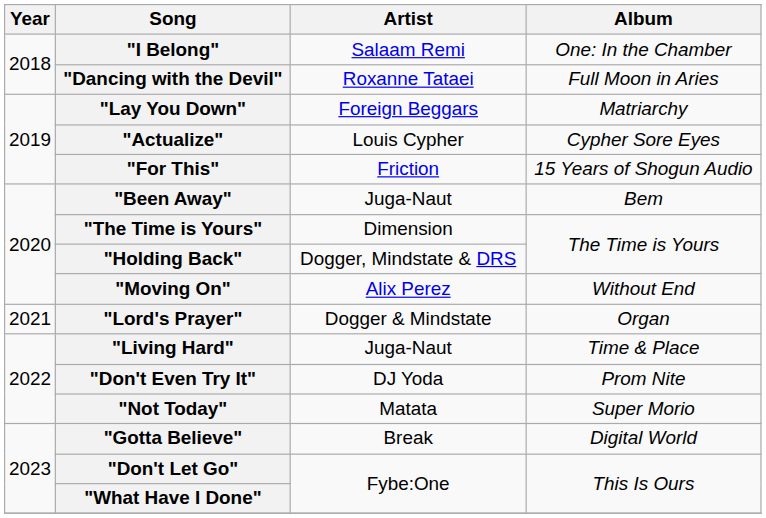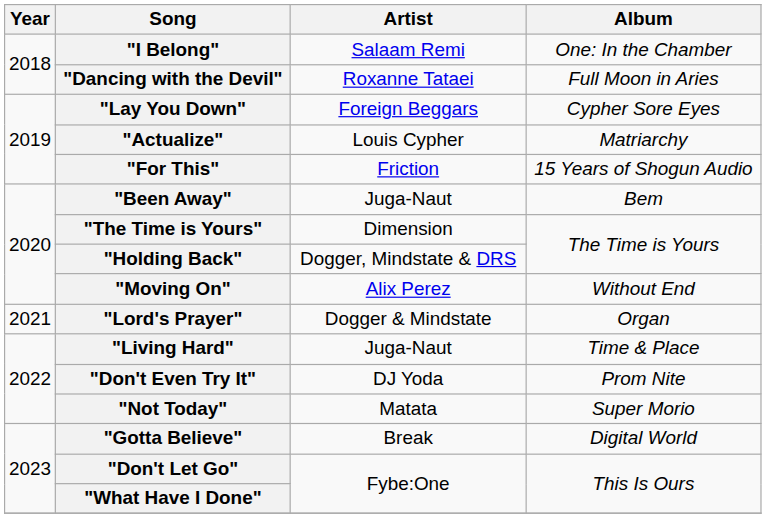 <table class="wikitable plainrowheaders" style="text-align:center;">
 <tr>
 <th scope="col">Year</th>
 <th scope="col" style="width:12em;">Song</th>
 <th scope="col" style="width:12em;">Artist</th>
 <th scope="col" style="width:12em;">Album</th>
 </tr>
 <tr>
 <td rowspan="2">2018</td>
 <th scope="row">"I Belong"</th>
 <td><a href='#'>Salaam Remi</a></td>
 <td><em>One: In the Chamber</em></td>
 </tr>
 <tr>
 <th scope="row">"Dancing with the Devil"</th>
 <td><a href='#'>Roxanne Tataei</a></td>
 <td><em>Full Moon in Aries</em></td>
 </tr>
 <tr>
 <td rowspan="3">2019</td>
 <th scope="row">"Lay You Down"</th>
 <td><a href='#'>Foreign Beggars</a></td>
-<td><em>Matriarchy</em></td>
+<td><em>Cypher Sore Eyes</em></td>
 </tr>
 <tr>
 <th scope="row">"Actualize"</th>
 <td>Louis Cypher</td>
-<td><em>Cypher Sore Eyes</em></td>
+<td><em>Matriarchy</em></td>
 </tr>
 <tr>
 <th scope="row">"For This"</th>
 <td><a href='#'>Friction</a></td>
 <td><em>15 Years of Shogun Audio</em></td>
 </tr>
 <tr>
 <td rowspan="4">2020</td>
 <th scope="row">"Been Away"</th>
 <td>Juga-Naut</td>
 <td><em>Bem</em></td>
 </tr>
 <tr>
 <th scope="row">"The Time is Yours"</th>
 <td>Dimension</td>
 <td rowspan="2"><em>The Time is Yours</em></td>
 </tr>
 <tr>
 <th scope="row">"Holding Back"</th>
 <td>Dogger, Mindstate & <a href='#'>DRS</a></td>
 </tr>
 <tr>
 <th scope="row">"Moving On"</th>
 <td><a href='#'>Alix Perez</a></td>
 <td><em>Without End</em></td>
 </tr>
 <tr>
 <td>2021</td>
 <th scope="row">"Lord's Prayer"</th>
 <td>Dogger & Mindstate</td>
 <td><em>Organ</em></td>
 </tr>
 <tr>
 <td rowspan="3">2022</td>
 <th scope="row">"Living Hard"</th>
 <td>Juga-Naut</td>
 <td><em>Time & Place</em></td>
 </tr>
 <tr>
 <th scope="row">"Don't Even Try It"</th>
 <td>DJ Yoda</td>
 <td><em>Prom Nite</em></td>
 </tr>
 <tr>
 <th scope="row">"Not Today"</th>
 <td>Matata</td>
 <td><em>Super Morio</em></td>
 </tr>
 <tr>
 <td rowspan="3">2023</td>
 <th scope="row">"Gotta Believe"</th>
 <td>Break</td>
 <td><em>Digital World</em></td>
 </tr>
 <tr>
 <th scope="row">"Don't Let Go"</th>
 <td rowspan="2">Fybe:One</td>
 <td rowspan="2"><em>This Is Ours</em></td>
 </tr>
 <tr>
 <th scope="row">"What Have I Done"</th>
 </tr>
 <tr>
 </tr>
 </table>
